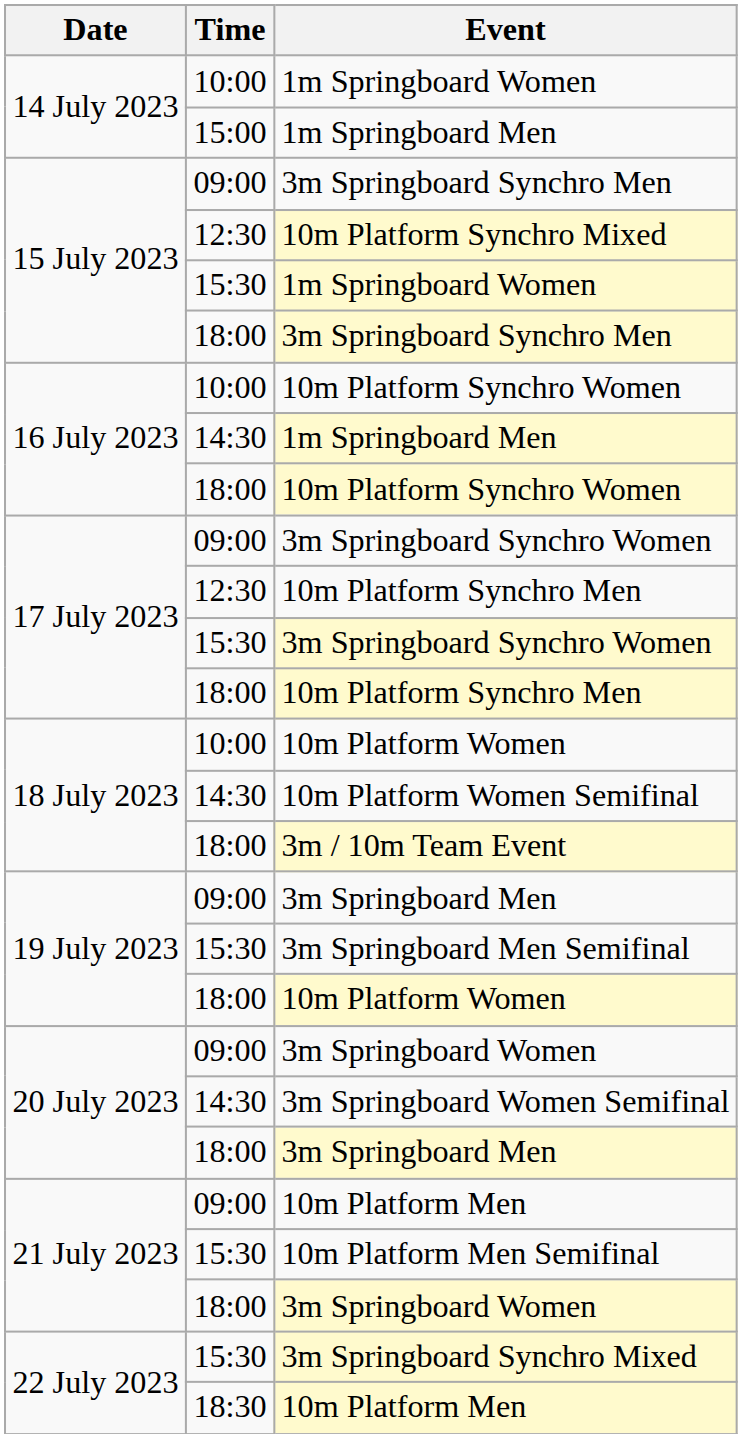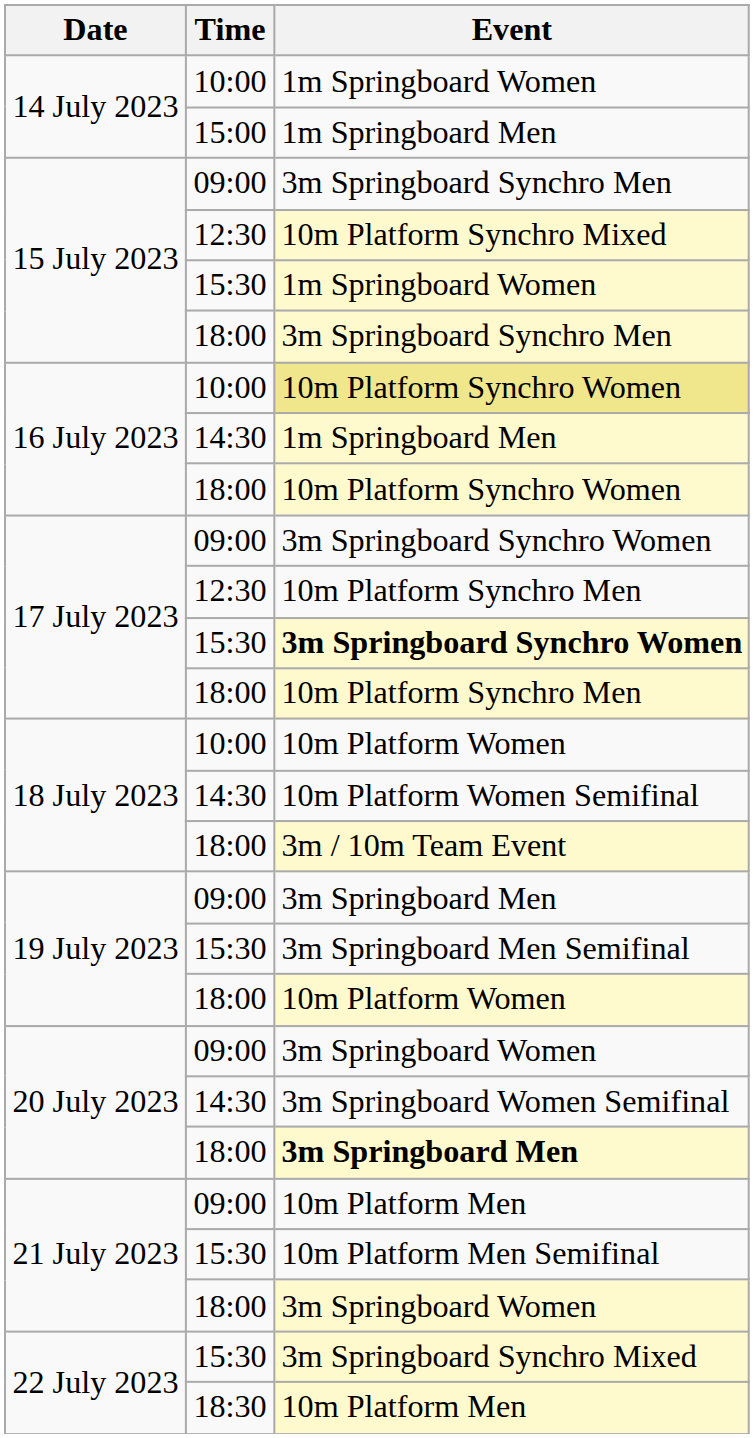 <table class="wikitable">
 <tr>
 <th>Date</th>
 <th>Time</th>
 <th>Event</th>
 </tr>
 <tr>
 <td rowspan=2>14 July 2023</td>
 <td>10:00</td>
 <td>1m Springboard Women</td>
 </tr>
 <tr>
 <td>15:00</td>
 <td>1m Springboard Men</td>
 </tr>
 <tr>
 <td rowspan=4>15 July 2023</td>
 <td>09:00</td>
 <td>3m Springboard Synchro Men</td>
 </tr>
 <tr>
 <td>12:30</td>
 <td style="background:lemonchiffon">10m Platform Synchro Mixed</td>
 </tr>
 <tr>
 <td>15:30</td>
 <td style="background:lemonchiffon">1m Springboard Women</td>
 </tr>
 <tr>
 <td>18:00</td>
 <td style="background:lemonchiffon">3m Springboard Synchro Men</td>
 </tr>
 <tr>
 <td rowspan=3>16 July 2023</td>
 <td>10:00</td>
-<td>10m Platform Synchro Women</td>
+<td style="background: khaki;">10m Platform Synchro Women</td>
 </tr>
 <tr>
 <td>14:30</td>
 <td style="background:lemonchiffon">1m Springboard Men</td>
 </tr>
 <tr>
 <td>18:00</td>
 <td style="background:lemonchiffon">10m Platform Synchro Women</td>
 </tr>
 <tr>
 <td rowspan=4>17 July 2023</td>
 <td>09:00</td>
 <td>3m Springboard Synchro Women</td>
 </tr>
 <tr>
 <td>12:30</td>
 <td>10m Platform Synchro Men</td>
 </tr>
 <tr>
 <td>15:30</td>
-<td style="background:lemonchiffon">3m Springboard Synchro Women</td>
+<td style="background:lemonchiffon"><strong>3m Springboard Synchro Women</strong></td>
 </tr>
 <tr>
 <td>18:00</td>
 <td style="background:lemonchiffon">10m Platform Synchro Men</td>
 </tr>
 <tr>
 <td rowspan=3>18 July 2023</td>
 <td>10:00</td>
 <td>10m Platform Women</td>
 </tr>
 <tr>
 <td>14:30</td>
 <td>10m Platform Women Semifinal</td>
 </tr>
 <tr>
 <td>18:00</td>
 <td style="background:lemonchiffon">3m / 10m Team Event</td>
 </tr>
 <tr>
 <td rowspan=3>19 July 2023</td>
 <td>09:00</td>
 <td>3m Springboard Men</td>
 </tr>
 <tr>
 <td>15:30</td>
 <td>3m Springboard Men Semifinal</td>
 </tr>
 <tr>
 <td>18:00</td>
 <td style="background:lemonchiffon">10m Platform Women</td>
 </tr>
 <tr>
 <td rowspan=3>20 July 2023</td>
 <td>09:00</td>
 <td>3m Springboard Women</td>
 </tr>
 <tr>
 <td>14:30</td>
 <td>3m Springboard Women Semifinal</td>
 </tr>
 <tr>
 <td>18:00</td>
-<td style="background:lemonchiffon">3m Springboard Men</td>
+<td style="background:lemonchiffon"><strong>3m Springboard Men</strong></td>
 </tr>
 <tr>
 <td rowspan=3>21 July 2023</td>
 <td>09:00</td>
 <td>10m Platform Men</td>
 </tr>
 <tr>
 <td>15:30</td>
 <td>10m Platform Men Semifinal</td>
 </tr>
 <tr>
 <td>18:00</td>
 <td style="background:lemonchiffon">3m Springboard Women</td>
 </tr>
 <tr>
 <td rowspan=2>22 July 2023</td>
 <td>15:30</td>
 <td style="background:lemonchiffon">3m Springboard Synchro Mixed</td>
 </tr>
 <tr>
 <td>18:30</td>
 <td style="background:lemonchiffon">10m Platform Men</td>
 </tr>
 </table>
